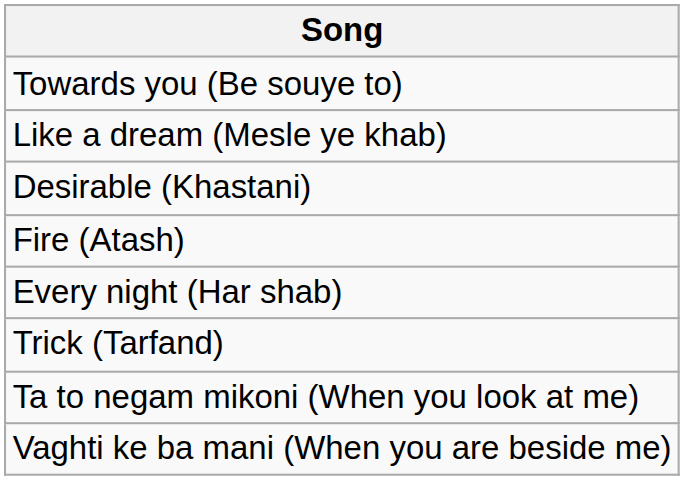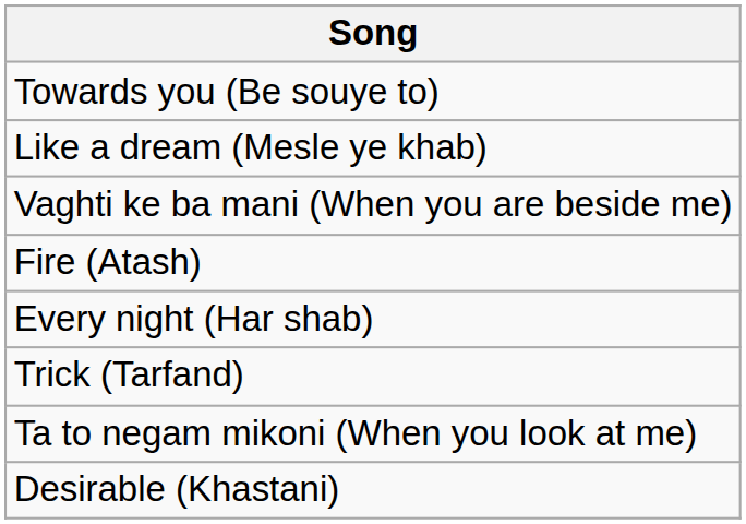 <table class="wikitable sortable">
 <tr>
 <th>Song</th>
 </tr>
 <tr>
 <td>Towards you (Be souye to)</td>
 </tr>
 <tr>
 <td>Like a dream (Mesle ye khab)</td>
 </tr>
 <tr>
-<td>Desirable (Khastani)</td>
+<td>Vaghti ke ba mani (When you are beside me)</td>
 </tr>
 <tr>
 <td>Fire (Atash)</td>
 </tr>
 <tr>
 <td>Every night (Har shab)</td>
 </tr>
 <tr>
 <td>Trick (Tarfand)</td>
 </tr>
 <tr>
 <td>Ta to negam mikoni (When you look at me)</td>
 </tr>
 <tr>
-<td>Vaghti ke ba mani (When you are beside me)</td>
+<td>Desirable (Khastani)</td>
 </tr>
 </table>
